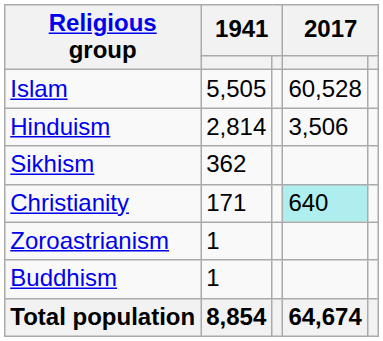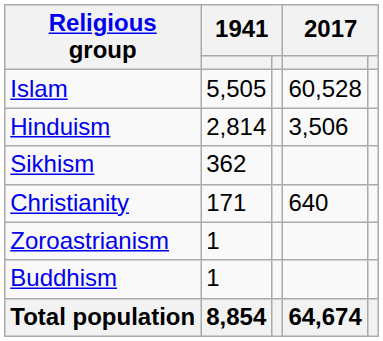 <table class="wikitable sortable">
 <tr>
 <th rowspan="2"><a href='#'>Religious</a><br>group</th>
 <th colspan="2">1941</th>
 <th colspan="2">2017</th>
 </tr>
 <tr>
 <th><a href='#'></a></th>
 <th></th>
 <th></th>
 <th></th>
 </tr>
 <tr>
 <td><a href='#'>Islam</a> </td>
 <td>5,505</td>
 <td></td>
 <td>60,528</td>
 <td></td>
 </tr>
 <tr>
 <td><a href='#'>Hinduism</a> </td>
 <td>2,814</td>
 <td></td>
 <td>3,506</td>
 <td></td>
 </tr>
 <tr>
 <td><a href='#'>Sikhism</a> </td>
 <td>362</td>
 <td></td>
 <td></td>
 <td></td>
 </tr>
 <tr>
 <td><a href='#'>Christianity</a> </td>
 <td>171</td>
 <td></td>
-<td style="background: paleturquoise;">640</td>
+<td>640</td>
 <td></td>
 </tr>
 <tr>
 <td><a href='#'>Zoroastrianism</a> </td>
 <td>1</td>
 <td></td>
 <td></td>
 <td></td>
 </tr>
 <tr>
 <td><a href='#'>Buddhism</a> </td>
 <td>1</td>
 <td></td>
 <td></td>
 <td></td>
 </tr>
 <tr>
 <th>Total population</th>
 <th>8,854</th>
 <th></th>
 <th>64,674</th>
 <th></th>
 </tr>
 </table>
